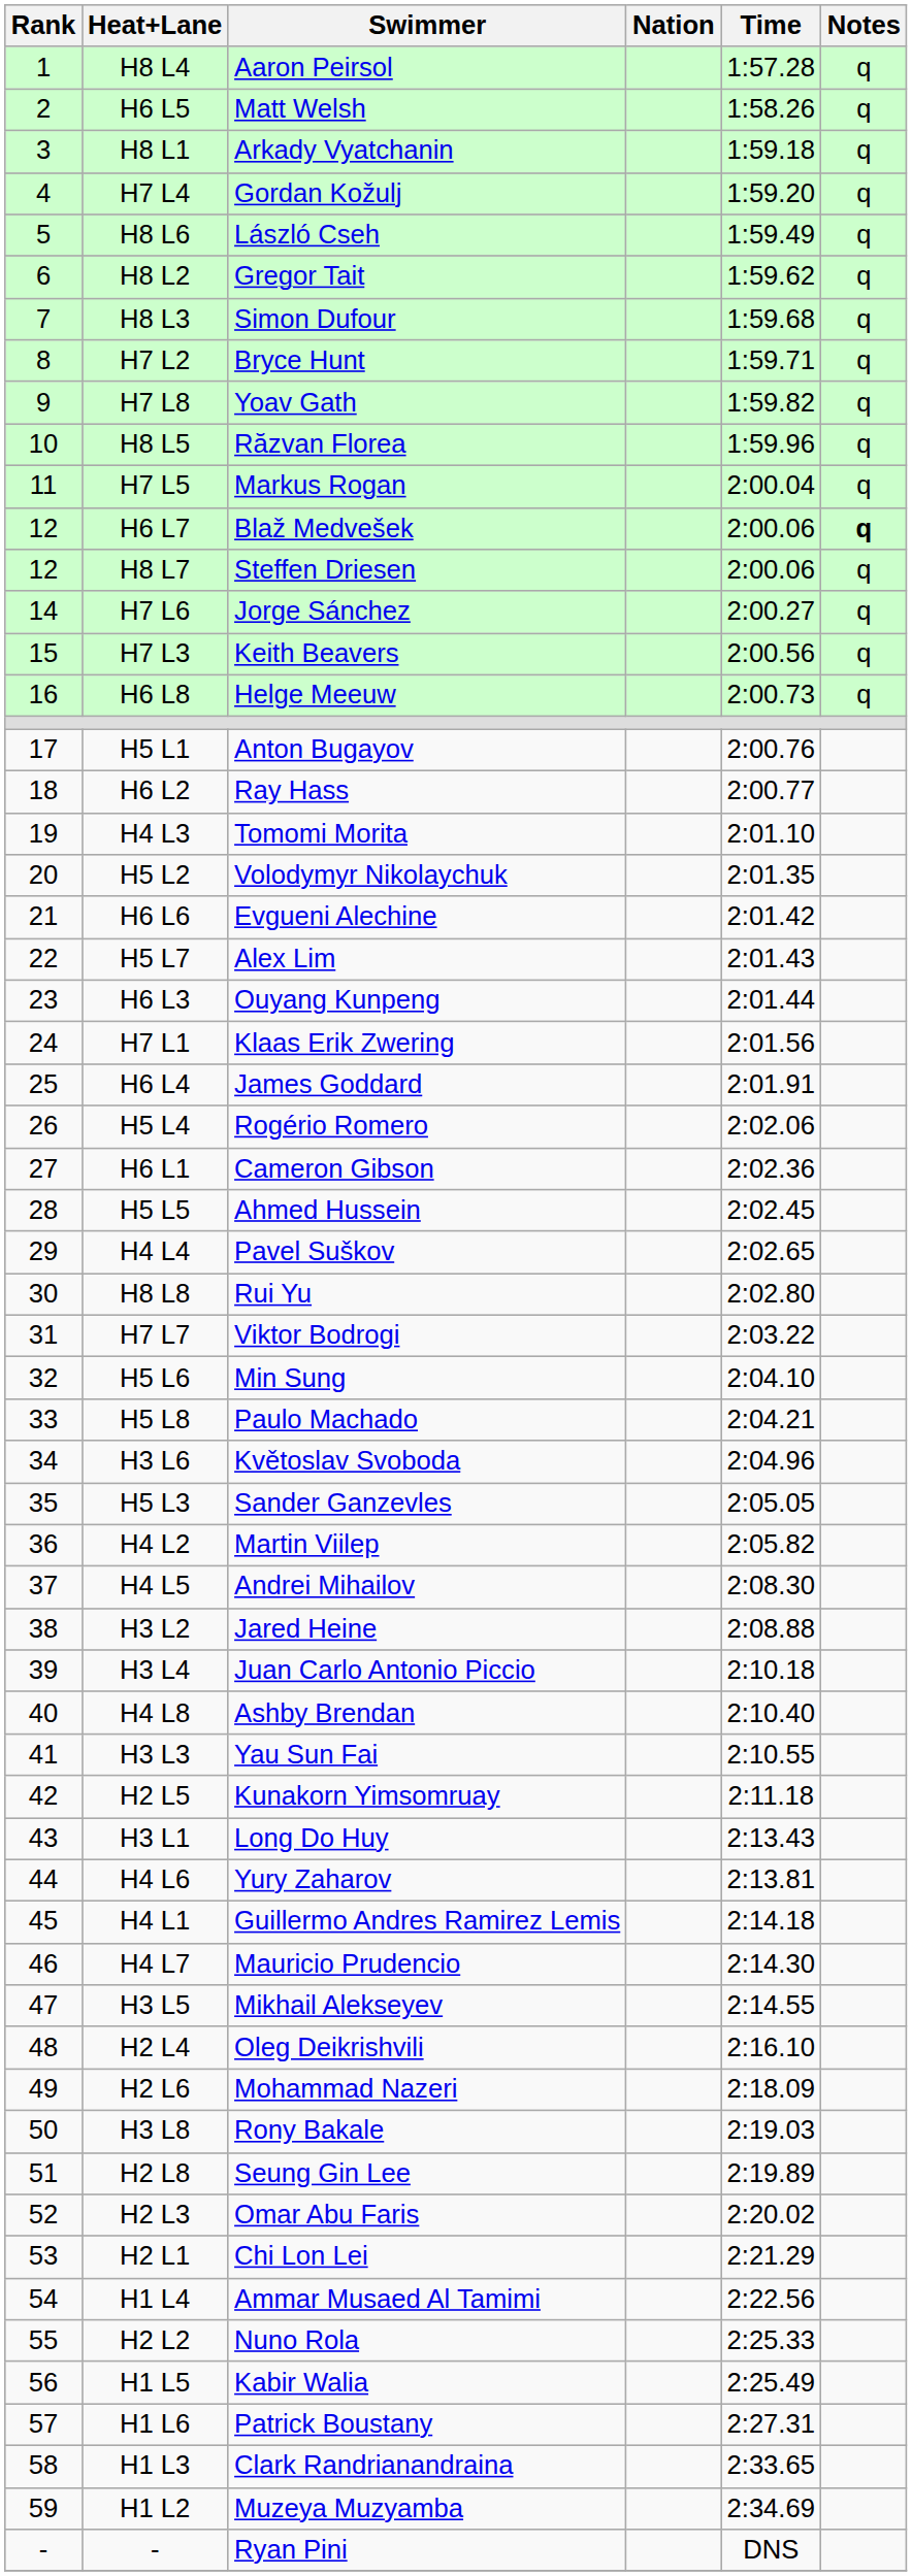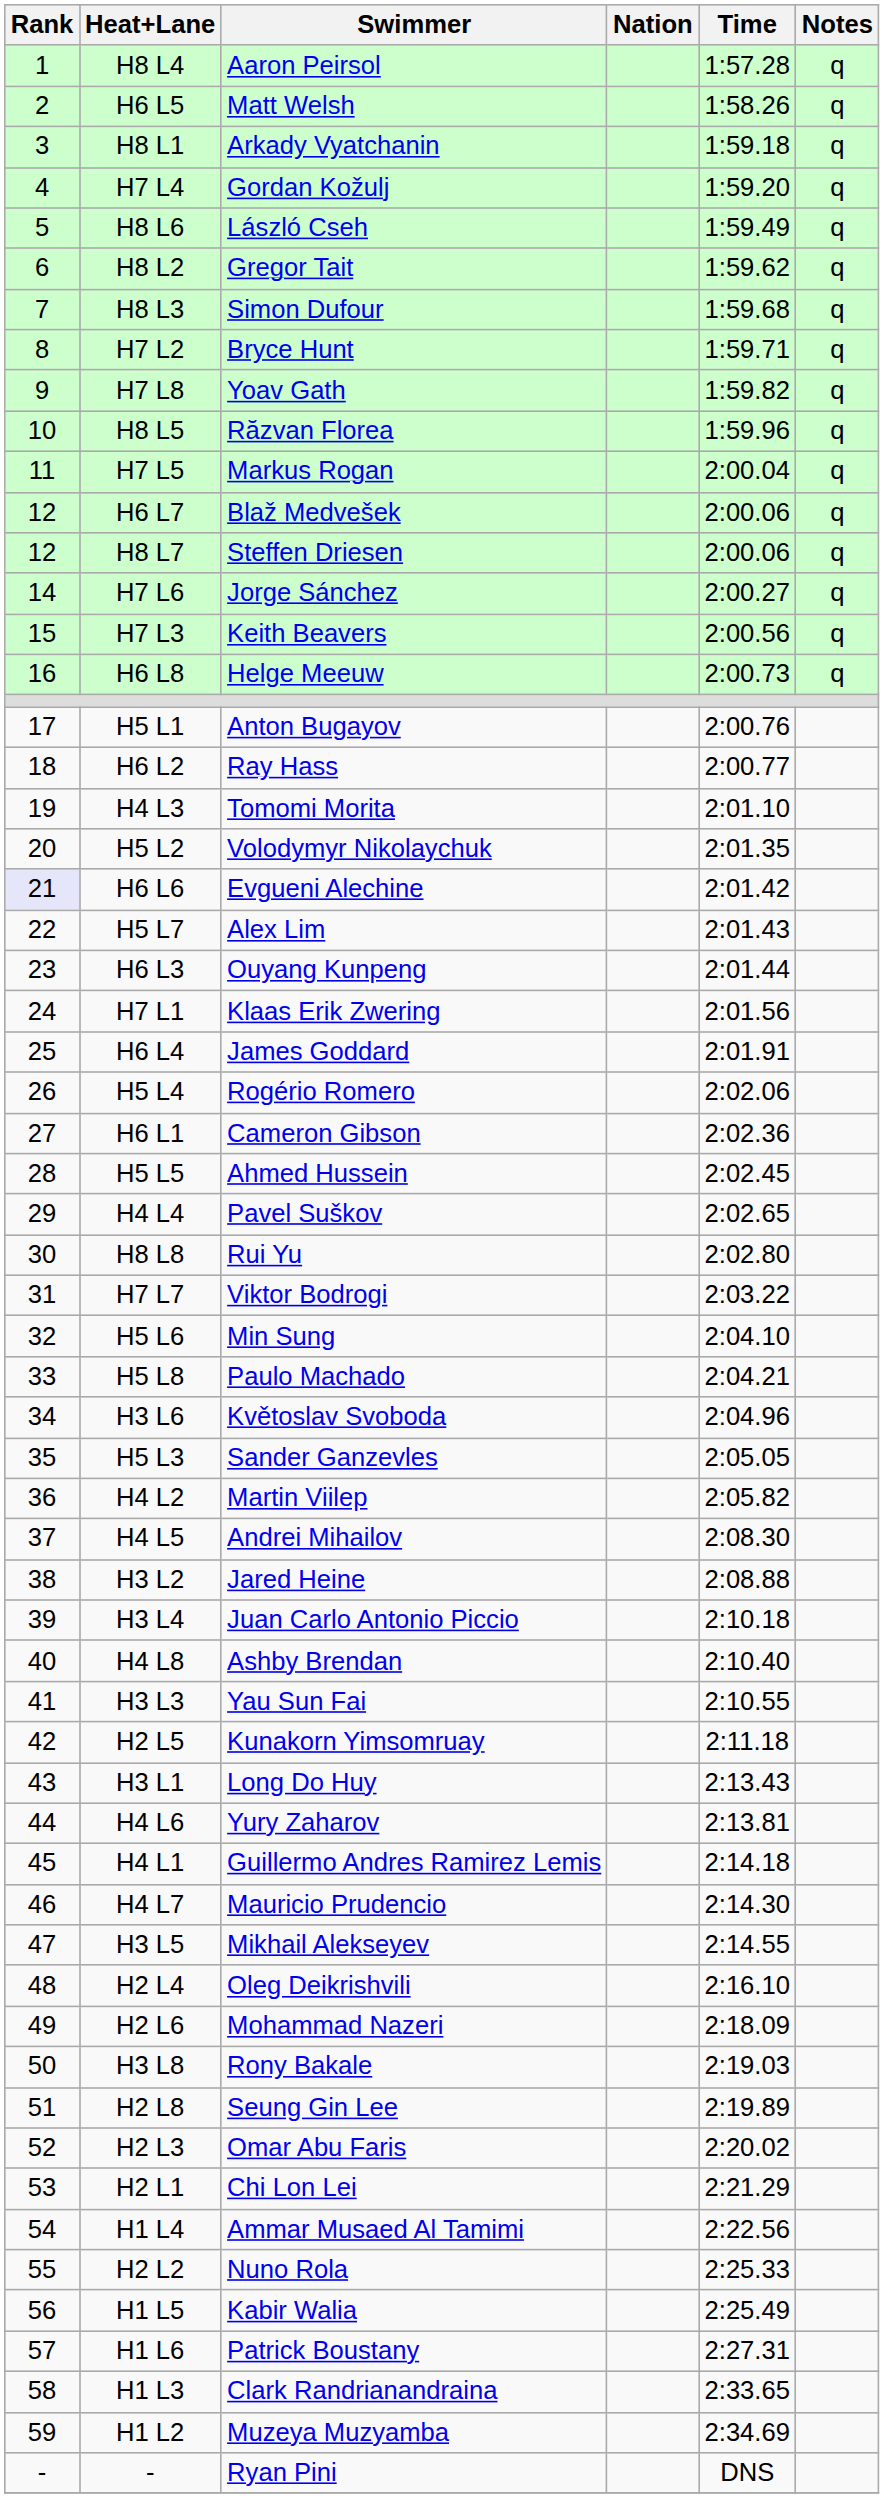 <table class="wikitable sortable" style="text-align:center">
 <tr>
 <th>Rank</th>
 <th>Heat+Lane</th>
 <th>Swimmer</th>
 <th>Nation</th>
 <th>Time</th>
 <th>Notes</th>
 </tr>
 <tr bgcolor=ccffcc>
 <td>1</td>
 <td>H8 L4</td>
 <td align=left><a href='#'>Aaron Peirsol</a></td>
 <td align=left></td>
 <td>1:57.28</td>
 <td>q</td>
 </tr>
 <tr bgcolor=ccffcc>
 <td>2</td>
 <td>H6 L5</td>
 <td align=left><a href='#'>Matt Welsh</a></td>
 <td align=left></td>
 <td>1:58.26</td>
 <td>q</td>
 </tr>
 <tr bgcolor=ccffcc>
 <td>3</td>
 <td>H8 L1</td>
 <td align=left><a href='#'>Arkady Vyatchanin</a></td>
 <td align=left></td>
 <td>1:59.18</td>
 <td>q</td>
 </tr>
 <tr bgcolor=ccffcc>
 <td>4</td>
 <td>H7 L4</td>
 <td align=left><a href='#'>Gordan Kožulj</a></td>
 <td align=left></td>
 <td>1:59.20</td>
 <td>q</td>
 </tr>
 <tr bgcolor=ccffcc>
 <td>5</td>
 <td>H8 L6</td>
 <td align=left><a href='#'>László Cseh</a></td>
 <td align=left></td>
 <td>1:59.49</td>
 <td>q</td>
 </tr>
 <tr bgcolor=ccffcc>
 <td>6</td>
 <td>H8 L2</td>
 <td align=left><a href='#'>Gregor Tait</a></td>
 <td align=left></td>
 <td>1:59.62</td>
 <td>q</td>
 </tr>
 <tr bgcolor=ccffcc>
 <td>7</td>
 <td>H8 L3</td>
 <td align=left><a href='#'>Simon Dufour</a></td>
 <td align=left></td>
 <td>1:59.68</td>
 <td>q</td>
 </tr>
 <tr bgcolor=ccffcc>
 <td>8</td>
 <td>H7 L2</td>
 <td align=left><a href='#'>Bryce Hunt</a></td>
 <td align=left></td>
 <td>1:59.71</td>
 <td>q</td>
 </tr>
 <tr bgcolor=ccffcc>
 <td>9</td>
 <td>H7 L8</td>
 <td align=left><a href='#'>Yoav Gath</a></td>
 <td align=left></td>
 <td>1:59.82</td>
 <td>q</td>
 </tr>
 <tr bgcolor=ccffcc>
 <td>10</td>
 <td>H8 L5</td>
 <td align=left><a href='#'>Răzvan Florea</a></td>
 <td align=left></td>
 <td>1:59.96</td>
 <td>q</td>
 </tr>
 <tr bgcolor=ccffcc>
 <td>11</td>
 <td>H7 L5</td>
 <td align=left><a href='#'>Markus Rogan</a></td>
 <td align=left></td>
 <td>2:00.04</td>
 <td>q</td>
 </tr>
 <tr bgcolor=ccffcc>
 <td>12</td>
 <td>H6 L7</td>
 <td align=left><a href='#'>Blaž Medvešek</a></td>
 <td align=left></td>
 <td>2:00.06</td>
-<td><strong>q</strong></td>
+<td>q</td>
 </tr>
 <tr bgcolor=ccffcc>
 <td>12</td>
 <td>H8 L7</td>
 <td align=left><a href='#'>Steffen Driesen</a></td>
 <td align=left></td>
 <td>2:00.06</td>
 <td>q</td>
 </tr>
 <tr bgcolor=ccffcc>
 <td>14</td>
 <td>H7 L6</td>
 <td align=left><a href='#'>Jorge Sánchez</a></td>
 <td align=left></td>
 <td>2:00.27</td>
 <td>q</td>
 </tr>
 <tr bgcolor=ccffcc>
 <td>15</td>
 <td>H7 L3</td>
 <td align=left><a href='#'>Keith Beavers</a></td>
 <td align=left></td>
 <td>2:00.56</td>
 <td>q</td>
 </tr>
 <tr bgcolor=ccffcc>
 <td>16</td>
 <td>H6 L8</td>
 <td align=left><a href='#'>Helge Meeuw</a></td>
 <td align=left></td>
 <td>2:00.73</td>
 <td>q</td>
 </tr>
 <tr bgcolor=#DDDDDD>
 <td colspan=6></td>
 </tr>
 <tr>
 <td>17</td>
 <td>H5 L1</td>
 <td align=left><a href='#'>Anton Bugayov</a></td>
 <td align=left></td>
 <td>2:00.76</td>
 <td></td>
 </tr>
 <tr>
 <td>18</td>
 <td>H6 L2</td>
 <td align=left><a href='#'>Ray Hass</a></td>
 <td align=left></td>
 <td>2:00.77</td>
 <td></td>
 </tr>
 <tr>
 <td>19</td>
 <td>H4 L3</td>
 <td align=left><a href='#'>Tomomi Morita</a></td>
 <td align=left></td>
 <td>2:01.10</td>
 <td></td>
 </tr>
 <tr>
 <td>20</td>
 <td>H5 L2</td>
 <td align=left><a href='#'>Volodymyr Nikolaychuk</a></td>
 <td align=left></td>
 <td>2:01.35</td>
 <td></td>
 </tr>
 <tr>
-<td>21</td>
+<td style="background: lavender;">21</td>
 <td>H6 L6</td>
 <td align=left><a href='#'>Evgueni Alechine</a></td>
 <td align=left></td>
 <td>2:01.42</td>
 <td></td>
 </tr>
 <tr>
 <td>22</td>
 <td>H5 L7</td>
 <td align=left><a href='#'>Alex Lim</a></td>
 <td align=left></td>
 <td>2:01.43</td>
 <td></td>
 </tr>
 <tr>
 <td>23</td>
 <td>H6 L3</td>
 <td align=left><a href='#'>Ouyang Kunpeng</a></td>
 <td align=left></td>
 <td>2:01.44</td>
 <td></td>
 </tr>
 <tr>
 <td>24</td>
 <td>H7 L1</td>
 <td align=left><a href='#'>Klaas Erik Zwering</a></td>
 <td align=left></td>
 <td>2:01.56</td>
 <td></td>
 </tr>
 <tr>
 <td>25</td>
 <td>H6 L4</td>
 <td align=left><a href='#'>James Goddard</a></td>
 <td align=left></td>
 <td>2:01.91</td>
 <td></td>
 </tr>
 <tr>
 <td>26</td>
 <td>H5 L4</td>
 <td align=left><a href='#'>Rogério Romero</a></td>
 <td align=left></td>
 <td>2:02.06</td>
 <td></td>
 </tr>
 <tr>
 <td>27</td>
 <td>H6 L1</td>
 <td align=left><a href='#'>Cameron Gibson</a></td>
 <td align=left></td>
 <td>2:02.36</td>
 <td></td>
 </tr>
 <tr>
 <td>28</td>
 <td>H5 L5</td>
 <td align=left><a href='#'>Ahmed Hussein</a></td>
 <td align=left></td>
 <td>2:02.45</td>
 <td></td>
 </tr>
 <tr>
 <td>29</td>
 <td>H4 L4</td>
 <td align=left><a href='#'>Pavel Suškov</a></td>
 <td align=left></td>
 <td>2:02.65</td>
 <td></td>
 </tr>
 <tr>
 <td>30</td>
 <td>H8 L8</td>
 <td align=left><a href='#'>Rui Yu</a></td>
 <td align=left></td>
 <td>2:02.80</td>
 <td></td>
 </tr>
 <tr>
 <td>31</td>
 <td>H7 L7</td>
 <td align=left><a href='#'>Viktor Bodrogi</a></td>
 <td align=left></td>
 <td>2:03.22</td>
 <td></td>
 </tr>
 <tr>
 <td>32</td>
 <td>H5 L6</td>
 <td align=left><a href='#'>Min Sung</a></td>
 <td align=left></td>
 <td>2:04.10</td>
 <td></td>
 </tr>
 <tr>
 <td>33</td>
 <td>H5 L8</td>
 <td align=left><a href='#'>Paulo Machado</a></td>
 <td align=left></td>
 <td>2:04.21</td>
 <td></td>
 </tr>
 <tr>
 <td>34</td>
 <td>H3 L6</td>
 <td align=left><a href='#'>Květoslav Svoboda</a></td>
 <td align=left></td>
 <td>2:04.96</td>
 <td></td>
 </tr>
 <tr>
 <td>35</td>
 <td>H5 L3</td>
 <td align=left><a href='#'>Sander Ganzevles</a></td>
 <td align=left></td>
 <td>2:05.05</td>
 <td></td>
 </tr>
 <tr>
 <td>36</td>
 <td>H4 L2</td>
 <td align=left><a href='#'>Martin Viilep</a></td>
 <td align=left></td>
 <td>2:05.82</td>
 <td></td>
 </tr>
 <tr>
 <td>37</td>
 <td>H4 L5</td>
 <td align=left><a href='#'>Andrei Mihailov</a></td>
 <td align=left></td>
 <td>2:08.30</td>
 <td></td>
 </tr>
 <tr>
 <td>38</td>
 <td>H3 L2</td>
 <td align=left><a href='#'>Jared Heine</a></td>
 <td align=left></td>
 <td>2:08.88</td>
 <td></td>
 </tr>
 <tr>
 <td>39</td>
 <td>H3 L4</td>
 <td align=left><a href='#'>Juan Carlo Antonio Piccio</a></td>
 <td align=left></td>
 <td>2:10.18</td>
 <td></td>
 </tr>
 <tr>
 <td>40</td>
 <td>H4 L8</td>
 <td align=left><a href='#'>Ashby Brendan</a></td>
 <td align=left></td>
 <td>2:10.40</td>
 <td></td>
 </tr>
 <tr>
 <td>41</td>
 <td>H3 L3</td>
 <td align=left><a href='#'>Yau Sun Fai</a></td>
 <td align=left></td>
 <td>2:10.55</td>
 <td></td>
 </tr>
 <tr>
 <td>42</td>
 <td>H2 L5</td>
 <td align=left><a href='#'>Kunakorn Yimsomruay</a></td>
 <td align=left></td>
 <td>2:11.18</td>
 <td></td>
 </tr>
 <tr>
 <td>43</td>
 <td>H3 L1</td>
 <td align=left><a href='#'>Long Do Huy</a></td>
 <td align=left></td>
 <td>2:13.43</td>
 <td></td>
 </tr>
 <tr>
 <td>44</td>
 <td>H4 L6</td>
 <td align=left><a href='#'>Yury Zaharov</a></td>
 <td align=left></td>
 <td>2:13.81</td>
 <td></td>
 </tr>
 <tr>
 <td>45</td>
 <td>H4 L1</td>
 <td align=left><a href='#'>Guillermo Andres Ramirez Lemis</a></td>
 <td align=left></td>
 <td>2:14.18</td>
 <td></td>
 </tr>
 <tr>
 <td>46</td>
 <td>H4 L7</td>
 <td align=left><a href='#'>Mauricio Prudencio</a></td>
 <td align=left></td>
 <td>2:14.30</td>
 <td></td>
 </tr>
 <tr>
 <td>47</td>
 <td>H3 L5</td>
 <td align=left><a href='#'>Mikhail Alekseyev</a></td>
 <td align=left></td>
 <td>2:14.55</td>
 <td></td>
 </tr>
 <tr>
 <td>48</td>
 <td>H2 L4</td>
 <td align=left><a href='#'>Oleg Deikrishvili</a></td>
 <td align=left></td>
 <td>2:16.10</td>
 <td></td>
 </tr>
 <tr>
 <td>49</td>
 <td>H2 L6</td>
 <td align=left><a href='#'>Mohammad Nazeri</a></td>
 <td align=left></td>
 <td>2:18.09</td>
 <td></td>
 </tr>
 <tr>
 <td>50</td>
 <td>H3 L8</td>
 <td align=left><a href='#'>Rony Bakale</a></td>
 <td align=left></td>
 <td>2:19.03</td>
 <td></td>
 </tr>
 <tr>
 <td>51</td>
 <td>H2 L8</td>
 <td align=left><a href='#'>Seung Gin Lee</a></td>
 <td align=left></td>
 <td>2:19.89</td>
 <td></td>
 </tr>
 <tr>
 <td>52</td>
 <td>H2 L3</td>
 <td align=left><a href='#'>Omar Abu Faris</a></td>
 <td align=left></td>
 <td>2:20.02</td>
 <td></td>
 </tr>
 <tr>
 <td>53</td>
 <td>H2 L1</td>
 <td align=left><a href='#'>Chi Lon Lei</a></td>
 <td align=left></td>
 <td>2:21.29</td>
 <td></td>
 </tr>
 <tr>
 <td>54</td>
 <td>H1 L4</td>
 <td align=left><a href='#'>Ammar Musaed Al Tamimi</a></td>
 <td align=left></td>
 <td>2:22.56</td>
 <td></td>
 </tr>
 <tr>
 <td>55</td>
 <td>H2 L2</td>
 <td align=left><a href='#'>Nuno Rola</a></td>
 <td align=left></td>
 <td>2:25.33</td>
 <td></td>
 </tr>
 <tr>
 <td>56</td>
 <td>H1 L5</td>
 <td align=left><a href='#'>Kabir Walia</a></td>
 <td align=left></td>
 <td>2:25.49</td>
 <td></td>
 </tr>
 <tr>
 <td>57</td>
 <td>H1 L6</td>
 <td align=left><a href='#'>Patrick Boustany</a></td>
 <td align=left></td>
 <td>2:27.31</td>
 <td></td>
 </tr>
 <tr>
 <td>58</td>
 <td>H1 L3</td>
 <td align=left><a href='#'>Clark Randrianandraina</a></td>
 <td align=left></td>
 <td>2:33.65</td>
 <td></td>
 </tr>
 <tr>
 <td>59</td>
 <td>H1 L2</td>
 <td align=left><a href='#'>Muzeya Muzyamba</a></td>
 <td align=left></td>
 <td>2:34.69</td>
 <td></td>
 </tr>
 <tr>
 <td>-</td>
 <td>-</td>
 <td align=left><a href='#'>Ryan Pini</a></td>
 <td align=left></td>
 <td>DNS</td>
 <td></td>
 </tr>
 <tr>
 </tr>
 </table>
